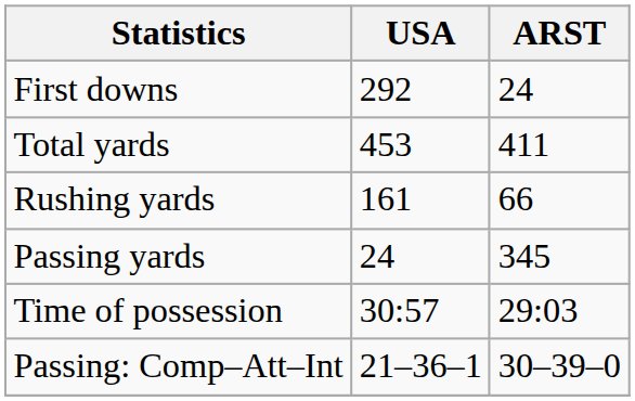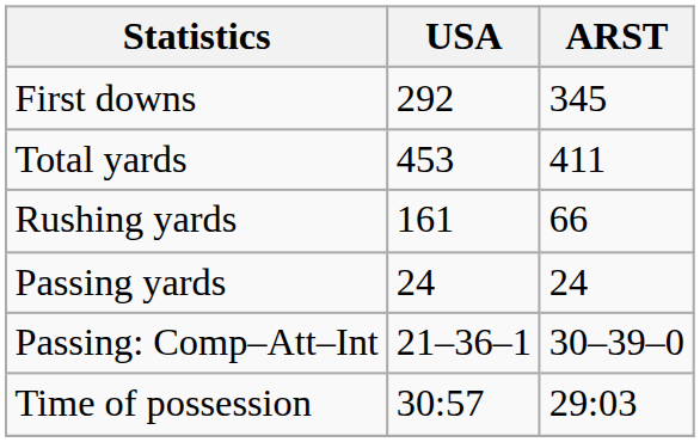 <table class="wikitable" style="float: left;">
 <tr>
 <th>Statistics</th>
 <th>USA</th>
 <th>ARST</th>
 </tr>
 <tr>
 <td>First downs</td>
 <td>292</td>
-<td>24</td>
+<td>345</td>
 </tr>
 <tr>
 <td>Total yards</td>
 <td>453</td>
 <td>411</td>
 </tr>
 <tr>
 <td>Rushing yards</td>
 <td>161</td>
 <td>66</td>
 </tr>
 <tr>
 <td>Passing yards</td>
 <td>24</td>
-<td>345</td>
+<td>24</td>
+</tr>
+<tr>
+<td>Passing: Comp–Att–Int</td>
+<td>21–36–1</td>
+<td>30–39–0</td>
 </tr>
 <tr>
 <td>Time of possession</td>
 <td>30:57</td>
 <td>29:03</td>
 </tr>
 <tr>
-<td>Passing: Comp–Att–Int</td>
-<td>21–36–1</td>
-<td>30–39–0</td>
-</tr>
-<tr>
 </tr>
 </table>
